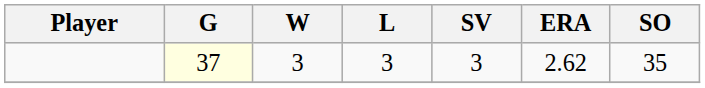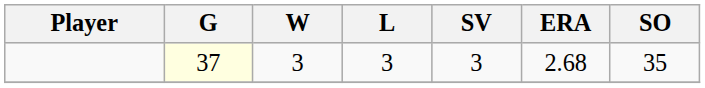 <table class="wikitable sortable">
 <tr>
 <th bgcolor="#DDDDFF" width="16%">Player</th>
 <th bgcolor="#DDDDFF" width="9%">G</th>
 <th bgcolor="#DDDDFF" width="9%">W</th>
 <th bgcolor="#DDDDFF" width="9%">L</th>
 <th bgcolor="#DDDDFF" width="9%">SV</th>
 <th bgcolor="#DDDDFF" width="9%">ERA</th>
 <th bgcolor="#DDDDFF" width="9%">SO</th>
 </tr>
 <tr align="center">
 <td></td>
 <td style="background: lightyellow;">37</td>
 <td>3</td>
 <td>3</td>
 <td>3</td>
-<td>2.62</td>
+<td>2.68</td>
 <td>35</td>
 </tr>
 <tr align="center">
 </tr>
 </table>
